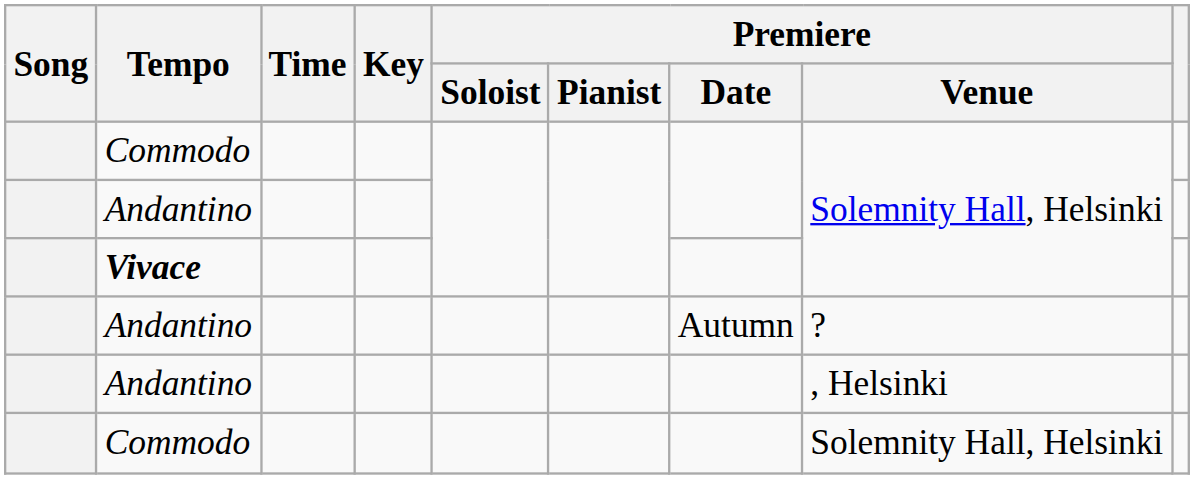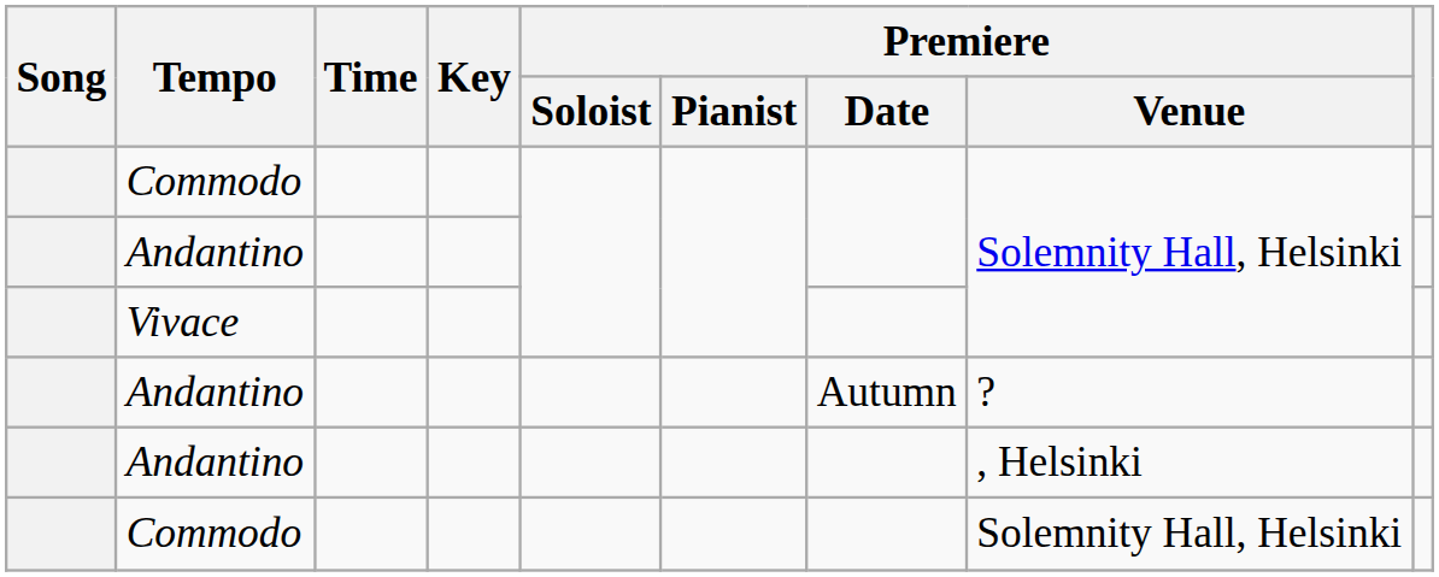 <table class="wikitable" style="margin-right:0; font-size:95%">
 <tr>
 <th rowspan=2 scope="col">Song</th>
 <th rowspan=2 scope="col">Tempo</th>
 <th rowspan=2 scope="col">Time</th>
 <th rowspan=2 scope="col">Key</th>
 <th colspan=4 scope="col">Premiere</th>
 <th rowspan=2 scope="col"></th>
 </tr>
 <tr>
 <th scope="col">Soloist</th>
 <th scope="col">Pianist</th>
 <th scope="col">Date</th>
 <th scope="col">Venue</th>
 </tr>
 <tr>
 <th scope="row"></th>
 <td><em>Commodo</em></td>
 <td></td>
 <td></td>
 <td rowspan=3></td>
 <td rowspan=3></td>
 <td rowspan=2></td>
 <td rowspan=3><a href='#'>Solemnity Hall</a>, Helsinki</td>
 <td></td>
 </tr>
 <tr>
 <th scope="row"></th>
 <td><em>Andantino</em></td>
 <td></td>
 <td></td>
 <td></td>
 </tr>
 <tr>
 <th scope="row"></th>
-<td><strong><em>Vivace</em></strong></td>
+<td><em>Vivace</em></td>
 <td></td>
 <td></td>
 <td></td>
 <td></td>
 </tr>
 <tr>
 <th scope="row"></th>
 <td><em>Andantino</em></td>
 <td></td>
 <td></td>
 <td></td>
 <td></td>
 <td>Autumn </td>
 <td>?</td>
 <td></td>
 </tr>
 <tr>
 <th scope="row"></th>
 <td><em>Andantino</em></td>
 <td></td>
 <td></td>
 <td></td>
 <td></td>
 <td></td>
 <td>, Helsinki</td>
 <td></td>
 </tr>
 <tr>
 <th scope="row"></th>
 <td><em>Commodo</em></td>
 <td></td>
 <td></td>
 <td></td>
 <td></td>
 <td></td>
 <td>Solemnity Hall, Helsinki</td>
 <td></td>
 </tr>
 </table>
